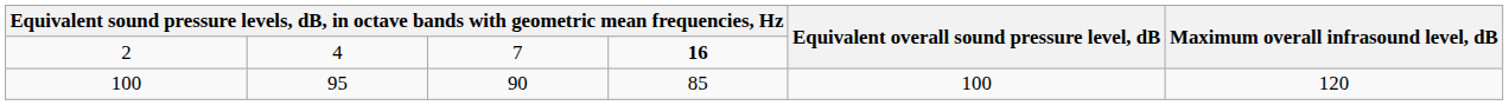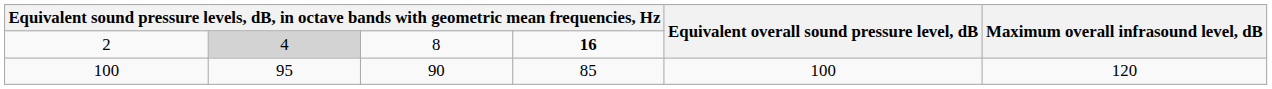 <table class="wikitable collapsible collapsed" style="text-align:center">
 <tr>
 <th colspan="4">Equivalent sound pressure levels, dB, in octave bands with geometric mean frequencies, Hz</th>
 <th rowspan="2">Equivalent overall sound pressure level, dB</th>
 <th rowspan="2">Maximum overall infrasound level, dB</th>
 </tr>
 <tr>
 <td>2</td>
-<td>4</td>
-<td>7</td>
+<td style="background: lightgrey;">4</td>
+<td>8</td>
 <td><strong>16</strong></td>
 </tr>
 <tr>
 <td>100</td>
 <td>95</td>
 <td>90</td>
 <td>85</td>
 <td>100</td>
 <td>120</td>
 </tr>
 </table>
